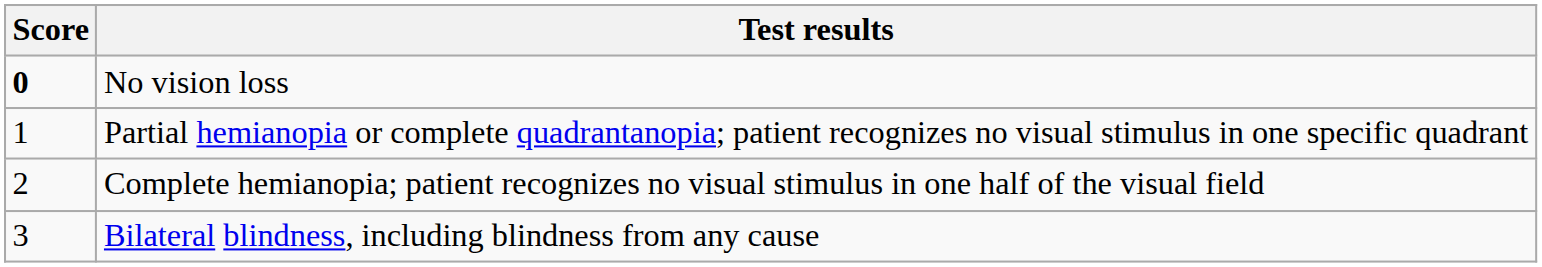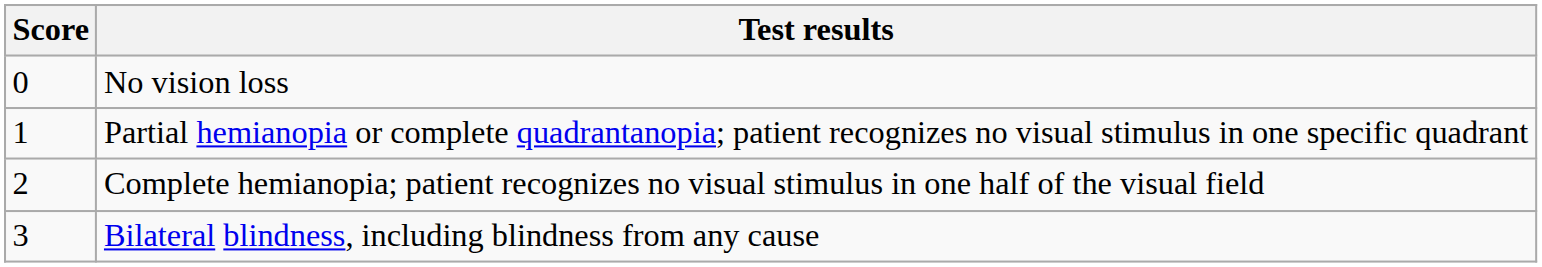 <table class="wikitable">
 <tr>
 <th>Score</th>
 <th>Test results</th>
 </tr>
 <tr>
-<td><strong>0</strong></td>
+<td>0</td>
 <td>No vision loss</td>
 </tr>
 <tr>
 <td>1</td>
 <td>Partial <a href='#'>hemianopia</a> or complete <a href='#'>quadrantanopia</a>; patient recognizes no visual stimulus in one specific quadrant</td>
 </tr>
 <tr>
 <td>2</td>
 <td>Complete hemianopia; patient recognizes no visual stimulus in one half of the visual field</td>
 </tr>
 <tr>
 <td>3</td>
 <td><a href='#'>Bilateral</a> <a href='#'>blindness</a>, including blindness from any cause</td>
 </tr>
 </table>
